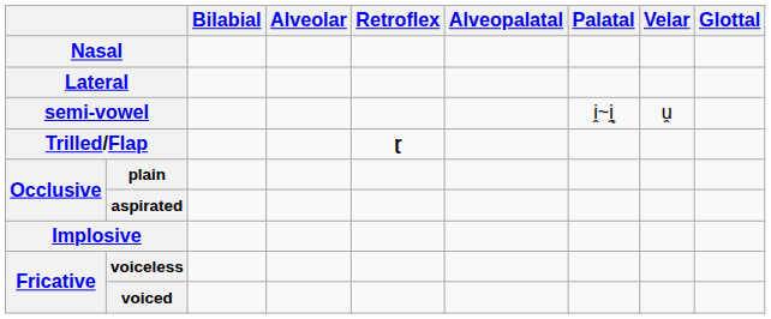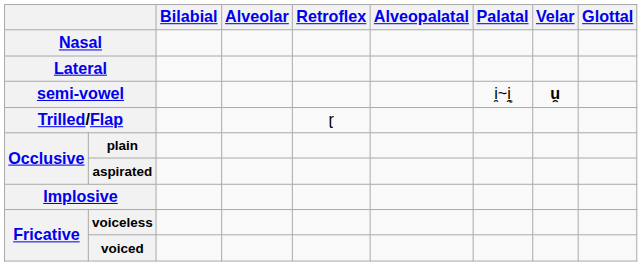 <table class=wikitable style=text-align:center>
 <tr>
 <th colspan=2></th>
 <th><a href='#'>Bilabial</a></th>
 <th><a href='#'>Alveolar</a></th>
 <th><a href='#'>Retroflex</a></th>
 <th><a href='#'>Alveopalatal</a></th>
 <th><a href='#'>Palatal</a></th>
 <th><a href='#'>Velar</a></th>
 <th><a href='#'>Glottal</a></th>
 </tr>
 <tr>
 <th colspan=2><a href='#'>Nasal</a></th>
 <td></td>
 <td></td>
 <td></td>
 <td></td>
 <td></td>
 <td></td>
 <td></td>
 </tr>
 <tr>
 <th colspan=2><a href='#'>Lateral</a></th>
 <td></td>
 <td></td>
 <td></td>
 <td></td>
 <td></td>
 <td></td>
 <td></td>
 </tr>
 <tr>
 <th colspan=2><a href='#'>semi-vowel</a></th>
 <td></td>
 <td></td>
 <td></td>
 <td></td>
 <td>i̯~i̯̥</td>
-<td>u̯</td>
+<td><strong>u̯</strong></td>
 <td></td>
 </tr>
 <tr>
 <th colspan=2><a href='#'>Trilled</a>/<a href='#'>Flap</a></th>
 <td></td>
 <td></td>
-<td><strong>ɽ</strong></td>
+<td>ɽ</td>
 <td></td>
 <td></td>
 <td></td>
 <td></td>
 </tr>
 <tr>
 <th rowspan=2><a href='#'>Occlusive</a></th>
 <th><small>plain</small></th>
 <td></td>
 <td></td>
 <td></td>
 <td></td>
 <td></td>
 <td></td>
 <td></td>
 </tr>
 <tr>
 <th><small>aspirated</small></th>
 <td></td>
 <td></td>
 <td></td>
 <td></td>
 <td></td>
 <td></td>
 <td></td>
 </tr>
 <tr>
 <th colspan=2><a href='#'>Implosive</a></th>
 <td></td>
 <td></td>
 <td></td>
 <td></td>
 <td></td>
 <td></td>
 <td></td>
 </tr>
 <tr>
 <th rowspan=2><a href='#'>Fricative</a></th>
 <th><small>voiceless</small></th>
 <td></td>
 <td></td>
 <td></td>
 <td></td>
 <td></td>
 <td></td>
 <td></td>
 </tr>
 <tr>
 <th><small>voiced</small></th>
 <td></td>
 <td></td>
 <td></td>
 <td></td>
 <td></td>
 <td></td>
 <td></td>
 </tr>
 </table>
